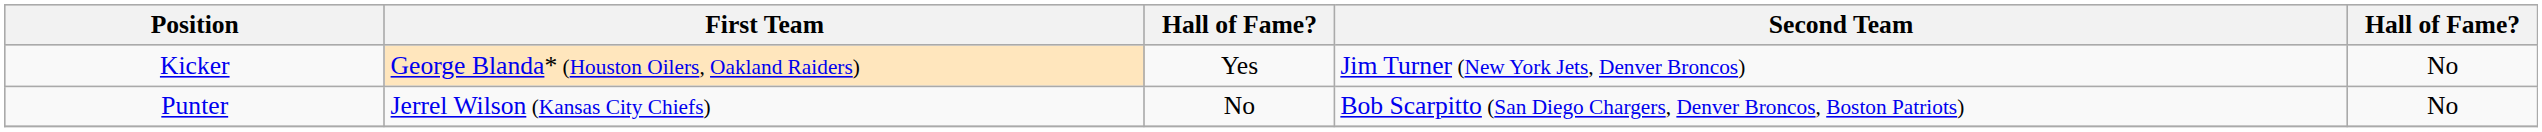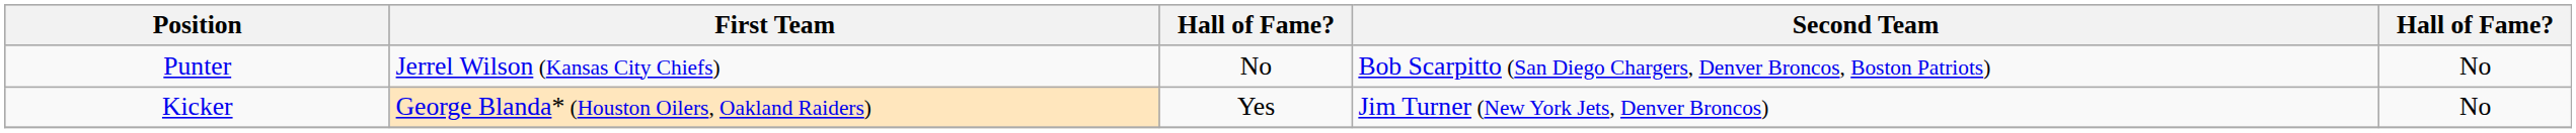 <table class="wikitable" style="width:100%;">
 <tr>
 <th style="width:15%;">Position</th>
 <th style="width:30%;">First Team</th>
 <th style="width:7.5%;">Hall of Fame?</th>
 <th style="width:40%;">Second Team</th>
 <th style="width:7.5%;">Hall of Fame?</th>
 </tr>
 <tr>
+<td align=center><a href='#'>Punter</a></td>
+<td><a href='#'>Jerrel Wilson</a><small>  (<a href='#'>Kansas City Chiefs</a>)</small></td>
+<td align=center>No</td>
+<td><a href='#'>Bob Scarpitto</a><small>  (<a href='#'>San Diego Chargers</a>, <a href='#'>Denver Broncos</a>, <a href='#'>Boston Patriots</a>)</small></td>
+<td align=center>No</td>
+</tr>
+<tr>
 <td align=center><a href='#'>Kicker</a></td>
 <td style="background-color:#FFE6BD"><a href='#'>George Blanda</a>*<small>  (<a href='#'>Houston Oilers</a>, <a href='#'>Oakland Raiders</a>)</small></td>
 <td align=center>Yes</td>
 <td><a href='#'>Jim Turner</a><small>  (<a href='#'>New York Jets</a>, <a href='#'>Denver Broncos</a>)</small></td>
 <td align=center>No</td>
 </tr>
 <tr>
-<td align=center><a href='#'>Punter</a></td>
-<td><a href='#'>Jerrel Wilson</a><small>  (<a href='#'>Kansas City Chiefs</a>)</small></td>
-<td align=center>No</td>
-<td><a href='#'>Bob Scarpitto</a><small>  (<a href='#'>San Diego Chargers</a>, <a href='#'>Denver Broncos</a>, <a href='#'>Boston Patriots</a>)</small></td>
-<td align=center>No</td>
-</tr>
-<tr>
 </tr>
 </table>
